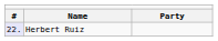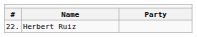 <table class=wikitable style="font-size:90%">
 <tr>
 <td colspan=4 bgcolor=></td>
 </tr>
 <tr>
 <th>#</th>
 <th width=150px>Name</th>
 <th colspan=2 width=110px>Party</th>
 </tr>
 <tr>
-<td style="background: lavender;">22.</td>
+<td>22.</td>
 <td>Herbert Ruiz</td>
 <td></td>
 </tr>
 </table>
